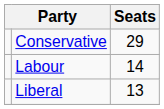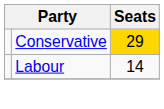 <table class="sortable wikitable">
 <tr>
 <th colspan="2">Party</th>
 <th>Seats</th>
 </tr>
 <tr>
 <td style="background-color: "></td>
 <td><a href='#'>Conservative</a></td>
-<td align="center">29</td>
+<td align="center" style="background: gold;">29</td>
 </tr>
 <tr>
 <td style="background-color: "></td>
 <td><a href='#'>Labour</a></td>
 <td align="center">14</td>
 </tr>
 <tr>
-<td style="background-color: "></td>
-<td><a href='#'>Liberal</a></td>
-<td align="center">13</td>
-</tr>
-<tr>
 </tr>
 </table>
